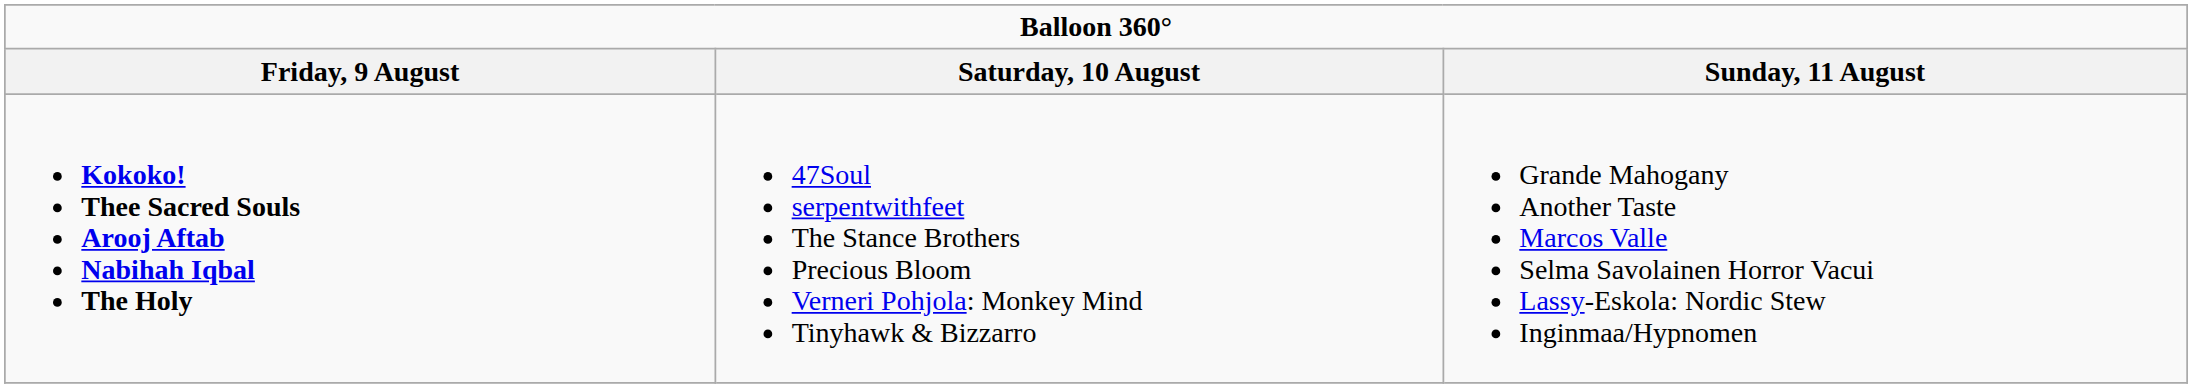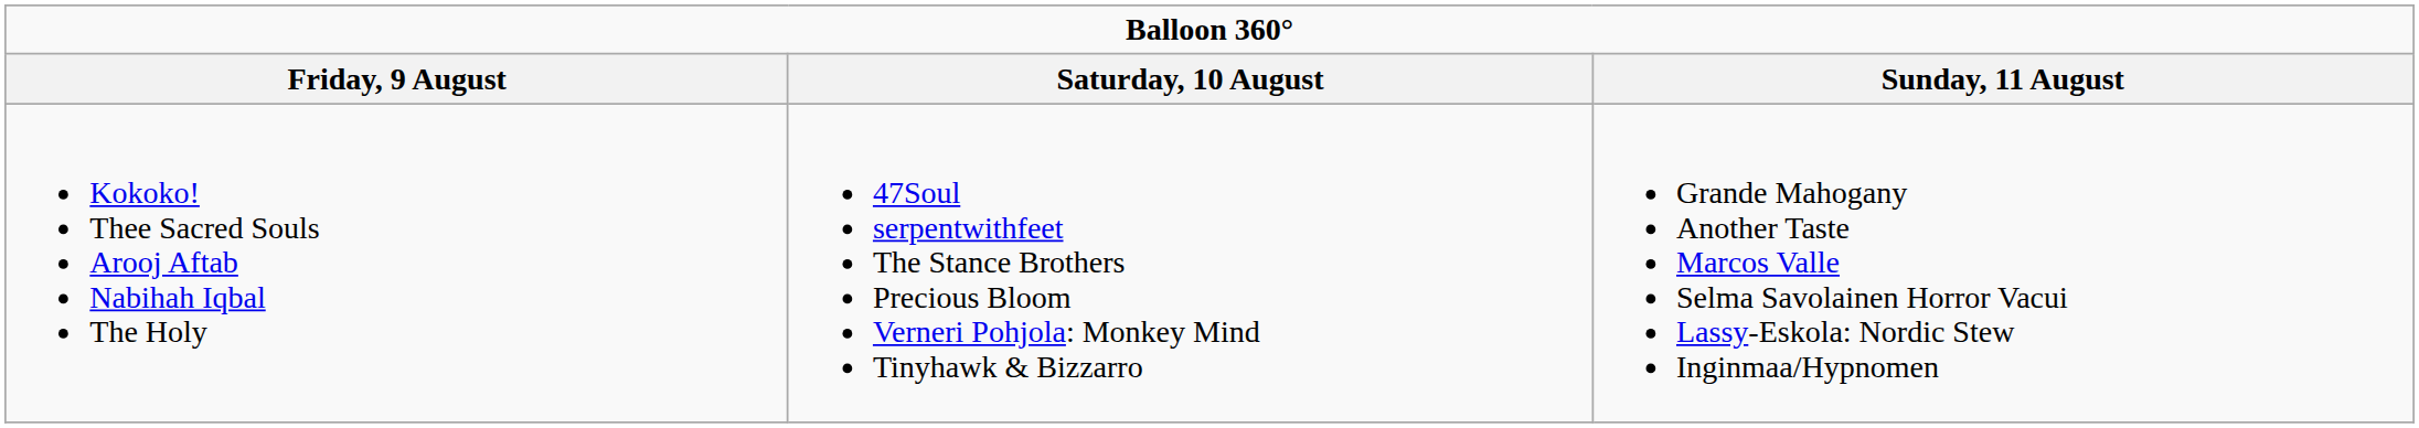 <table class="wikitable">
 <tr>
 <td colspan="4" align="center"><strong>Balloon 360°</strong></td>
 </tr>
 <tr>
 <th width="500">Friday, 9 August</th>
 <th width="500">Saturday, 10 August</th>
 <th width="500">Sunday, 11 August</th>
 </tr>
 <tr valign="top">
-<td><strong><br><ul><li><a href='#'>Kokoko!</a></li><li>Thee Sacred Souls</li><li><a href='#'>Arooj Aftab</a></li><li><a href='#'>Nabihah Iqbal</a></li><li>The Holy</li></ul></strong></td>
+<td><br><ul><li><a href='#'>Kokoko!</a></li><li>Thee Sacred Souls</li><li><a href='#'>Arooj Aftab</a></li><li><a href='#'>Nabihah Iqbal</a></li><li>The Holy</li></ul></td>
 <td><br><ul><li><a href='#'>47Soul</a></li><li><a href='#'>serpentwithfeet</a></li><li>The Stance Brothers</li><li>Precious Bloom</li><li><a href='#'>Verneri Pohjola</a>: Monkey Mind</li><li>Tinyhawk & Bizzarro</li></ul></td>
 <td><br><ul><li>Grande Mahogany</li><li>Another Taste</li><li><a href='#'>Marcos Valle</a></li><li>Selma Savolainen Horror Vacui</li><li><a href='#'>Lassy</a>-Eskola: Nordic Stew</li><li>Inginmaa/Hypnomen</li></ul></td>
 </tr>
 </table>
